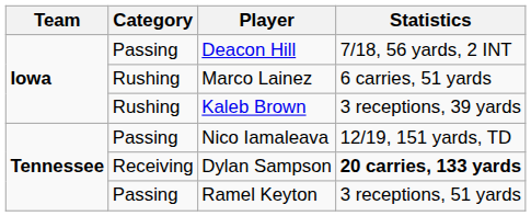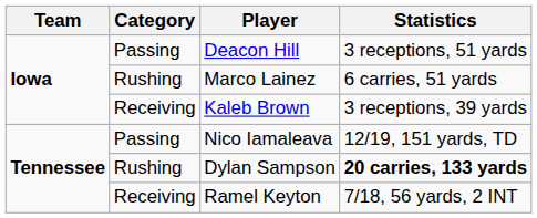 <table class="wikitable" style="float: right;">
 <tr>
 <th>Team</th>
 <th>Category</th>
 <th>Player</th>
 <th>Statistics</th>
 </tr>
 <tr>
 <td rowspan=3><strong>Iowa</strong></td>
 <td>Passing</td>
 <td><a href='#'>Deacon Hill</a></td>
-<td>7/18, 56 yards, 2 INT</td>
+<td>3 receptions, 51 yards</td>
 </tr>
 <tr>
 <td>Rushing</td>
 <td>Marco Lainez</td>
 <td>6 carries, 51 yards</td>
 </tr>
 <tr>
-<td>Rushing</td>
+<td>Receiving</td>
 <td><a href='#'>Kaleb Brown</a></td>
 <td>3 receptions, 39 yards</td>
 </tr>
 <tr>
 <td rowspan=3><strong>Tennessee</strong></td>
 <td>Passing</td>
 <td>Nico Iamaleava</td>
 <td>12/19, 151 yards, TD</td>
 </tr>
 <tr>
-<td>Receiving</td>
+<td>Rushing</td>
 <td>Dylan Sampson</td>
 <td><strong>20 carries, 133 yards</strong></td>
 </tr>
 <tr>
-<td>Passing</td>
+<td>Receiving</td>
 <td>Ramel Keyton</td>
-<td>3 receptions, 51 yards</td>
+<td>7/18, 56 yards, 2 INT</td>
 </tr>
 </table>
